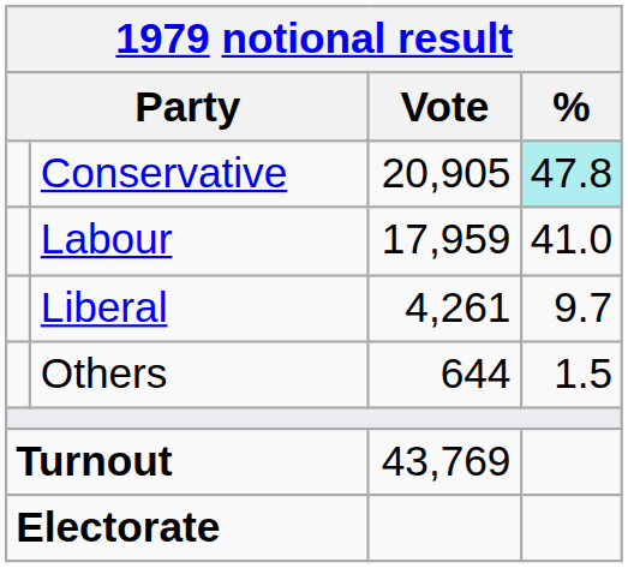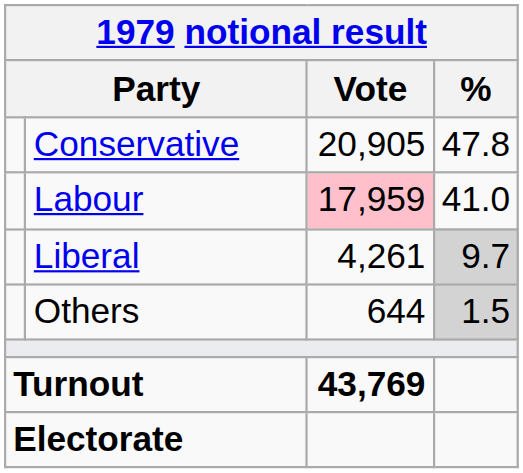 <table class="wikitable">
 <tr>
 <th colspan="4"><a href='#'>1979</a> <a href='#'>notional result</a></th>
 </tr>
 <tr>
 <th bgcolor="#DDDDFF" width="130px" colspan="2">Party</th>
 <th bgcolor="#DDDDFF" width="50px">Vote</th>
 <th bgcolor="#DDDDFF" width="30px">%</th>
 </tr>
 <tr>
 <td></td>
 <td><a href='#'>Conservative</a></td>
 <td align=right>20,905</td>
-<td align=right style="background: paleturquoise;">47.8</td>
+<td align=right>47.8</td>
 </tr>
 <tr>
 <td></td>
 <td><a href='#'>Labour</a></td>
-<td align=right>17,959</td>
+<td align=right style="background: pink;">17,959</td>
 <td align=right>41.0</td>
 </tr>
 <tr>
 <td></td>
 <td><a href='#'>Liberal</a></td>
 <td align=right>4,261</td>
-<td align=right>9.7</td>
+<td align=right style="background: lightgrey;">9.7</td>
 </tr>
 <tr>
 <td></td>
 <td>Others</td>
 <td align=right>644</td>
-<td align=right>1.5</td>
+<td align=right style="background: lightgrey;">1.5</td>
 </tr>
 <tr>
 <td colspan="4" bgcolor="#EAECF0"></td>
 </tr>
 <tr>
 <td colspan="2"><strong>Turnout</strong></td>
-<td align=right>43,769</td>
+<td align=right><strong>43,769</strong></td>
 <td align=right></td>
 </tr>
 <tr>
 <td colspan="2"><strong>Electorate</strong></td>
 <td align=right></td>
 </tr>
 </table>
